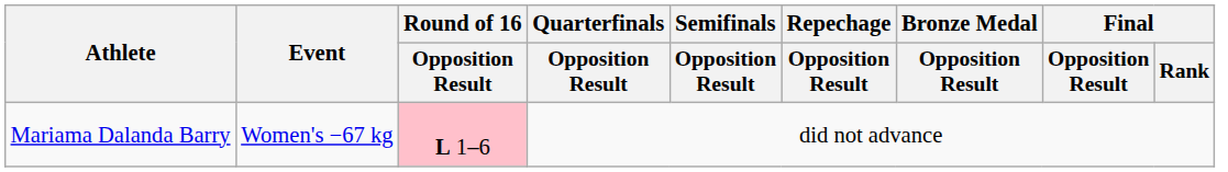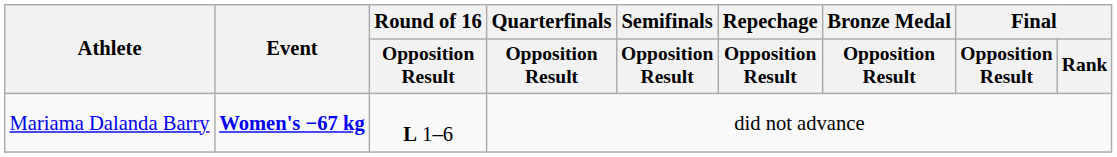 <table class="wikitable" style="font-size:90%">
 <tr>
 <th rowspan="2">Athlete</th>
 <th rowspan="2">Event</th>
 <th>Round of 16</th>
 <th>Quarterfinals</th>
 <th>Semifinals</th>
 <th>Repechage</th>
 <th>Bronze Medal</th>
 <th colspan=2>Final</th>
 </tr>
 <tr style="font-size:95%">
 <th>Opposition<br>Result</th>
 <th>Opposition<br>Result</th>
 <th>Opposition<br>Result</th>
 <th>Opposition<br>Result</th>
 <th>Opposition<br>Result</th>
 <th>Opposition<br>Result</th>
 <th>Rank</th>
 </tr>
 <tr align=center>
 <td align=left><a href='#'>Mariama Dalanda Barry</a></td>
-<td align=left><a href='#'>Women's −67 kg</a></td>
-<td style="background: pink;"> <br> <strong>L</strong> 1–6</td>
+<td align=left><strong><a href='#'>Women's −67 kg</a></strong></td>
+<td> <br> <strong>L</strong> 1–6</td>
 <td colspan=6>did not advance</td>
 </tr>
 </table>
